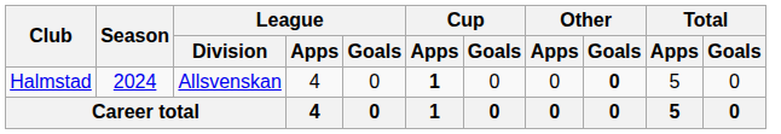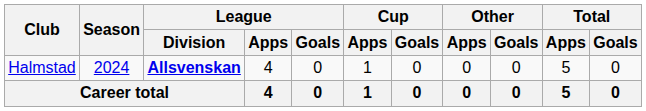 <table class=wikitable style=text-align:center>
 <tr>
 <th rowspan="2">Club</th>
 <th rowspan="2">Season</th>
 <th colspan="3">League</th>
 <th colspan="2">Cup</th>
 <th colspan="2">Other</th>
 <th colspan="2">Total</th>
 </tr>
 <tr>
 <th>Division</th>
 <th>Apps</th>
 <th>Goals</th>
 <th>Apps</th>
 <th>Goals</th>
 <th>Apps</th>
 <th>Goals</th>
 <th>Apps</th>
 <th>Goals</th>
 </tr>
 <tr>
 <td><a href='#'>Halmstad</a></td>
 <td><a href='#'>2024</a></td>
-<td><a href='#'>Allsvenskan</a></td>
+<td><strong><a href='#'>Allsvenskan</a></strong></td>
 <td>4</td>
 <td>0</td>
-<td><strong>1</strong></td>
+<td>1</td>
 <td>0</td>
 <td>0</td>
-<td><strong>0</strong></td>
+<td>0</td>
 <td>5</td>
 <td>0</td>
 </tr>
 <tr>
 <th colspan=3>Career total</th>
 <th>4</th>
 <th>0</th>
 <th>1</th>
 <th>0</th>
 <th>0</th>
 <th>0</th>
 <th>5</th>
 <th>0</th>
 </tr>
 </table>
